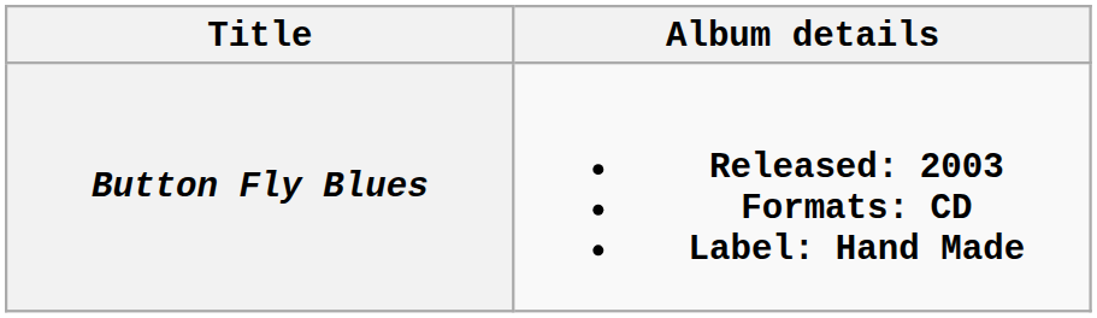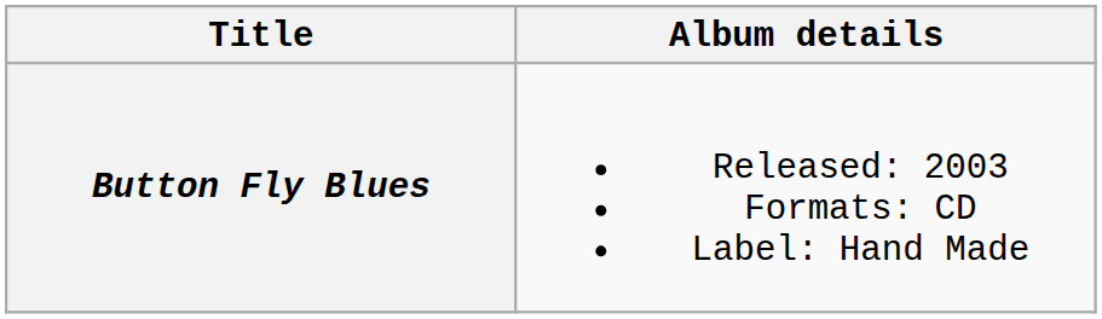 <table class="wikitable plainrowheaders" style="text-align:center;">
 <tr>
 <th scope="col" style="width:14em;">Title</th>
 <th scope="col" style="width:16em;">Album details</th>
 </tr>
 <tr>
 <th scope="row"><em>Button Fly Blues</em></th>
-<td><strong><br><ul><li>Released: 2003</li><li>Formats: CD</li><li>Label: Hand Made</li></ul></strong></td>
+<td><br><ul><li>Released: 2003</li><li>Formats: CD</li><li>Label: Hand Made</li></ul></td>
 </tr>
 </table>
